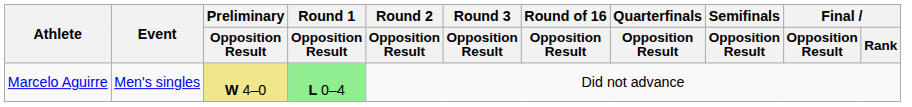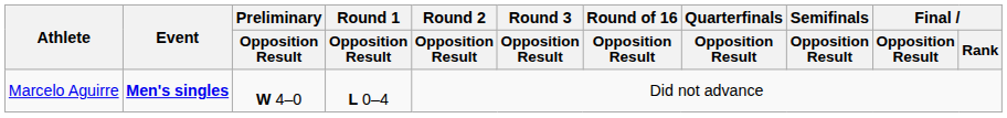 <table class="wikitable" style="font-size:90%;">
 <tr>
 <th rowspan=2>Athlete</th>
 <th rowspan=2>Event</th>
 <th>Preliminary</th>
 <th>Round 1</th>
 <th>Round 2</th>
 <th>Round 3</th>
 <th>Round of 16</th>
 <th>Quarterfinals</th>
 <th>Semifinals</th>
 <th colspan=2>Final / </th>
 </tr>
 <tr style="font-size:95%">
 <th>Opposition<br>Result</th>
 <th>Opposition<br>Result</th>
 <th>Opposition<br>Result</th>
 <th>Opposition<br>Result</th>
 <th>Opposition<br>Result</th>
 <th>Opposition<br>Result</th>
 <th>Opposition<br>Result</th>
 <th>Opposition<br>Result</th>
 <th>Rank</th>
 </tr>
 <tr align=center>
 <td align=left><a href='#'>Marcelo Aguirre</a></td>
-<td align=left><a href='#'>Men's singles</a></td>
-<td style="background: khaki;"><br><strong>W</strong> 4–0</td>
-<td style="background: lightgreen;"><br><strong>L</strong> 0–4</td>
+<td align=left><strong><a href='#'>Men's singles</a></strong></td>
+<td><br><strong>W</strong> 4–0</td>
+<td><br><strong>L</strong> 0–4</td>
 <td colspan=7>Did not advance</td>
 </tr>
 </table>
